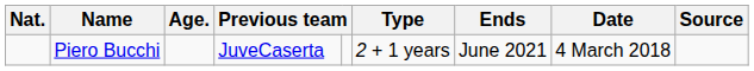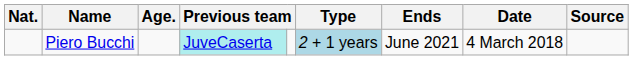 <table class="wikitable sortable">
 <tr>
 <th>Nat.</th>
 <th>Name</th>
 <th>Age.</th>
 <th colspan=2>Previous team</th>
 <th>Type</th>
 <th>Ends</th>
 <th>Date</th>
 <th>Source</th>
 </tr>
 <tr>
 <td style="text-align: center;"></td>
 <td><a href='#'>Piero Bucchi</a></td>
 <td style="text-align: center;"></td>
-<td><a href='#'>JuveCaserta</a></td>
+<td style="background: paleturquoise;"><a href='#'>JuveCaserta</a></td>
 <td style="text-align: center;"></td>
-<td style="text-align: center;"><em>2</em> + 1 years</td>
+<td style="background: lightblue; text-align: center;"><em>2</em> + 1 years</td>
 <td>June 2021</td>
 <td style="text-align: center;">4 March 2018</td>
 <td style="text-align: center;"></td>
 </tr>
 </table>
